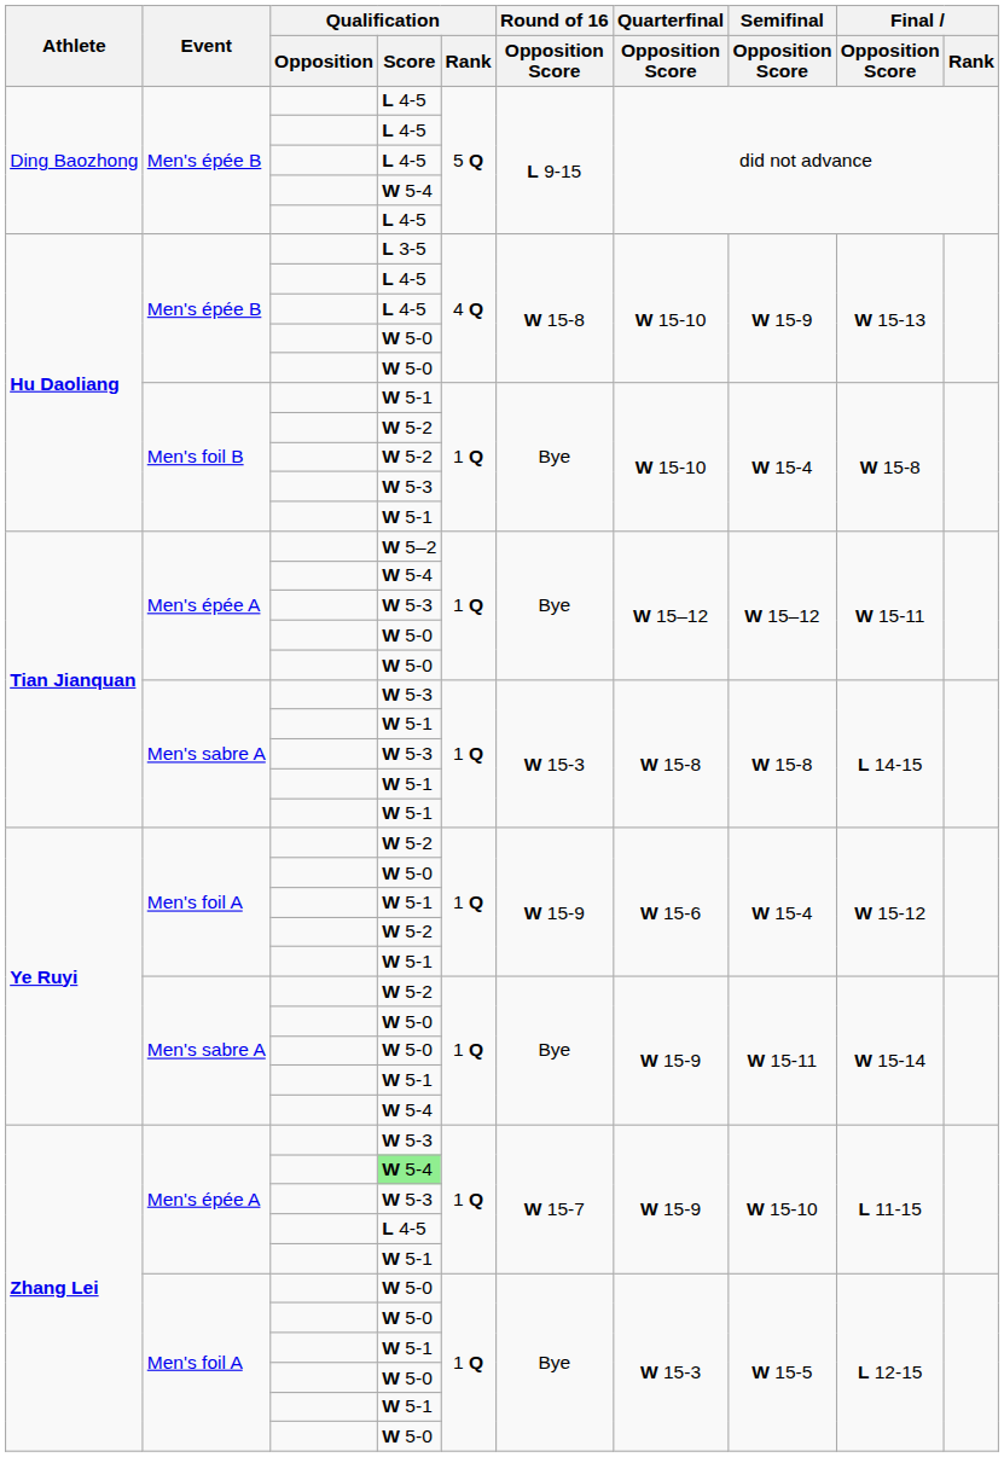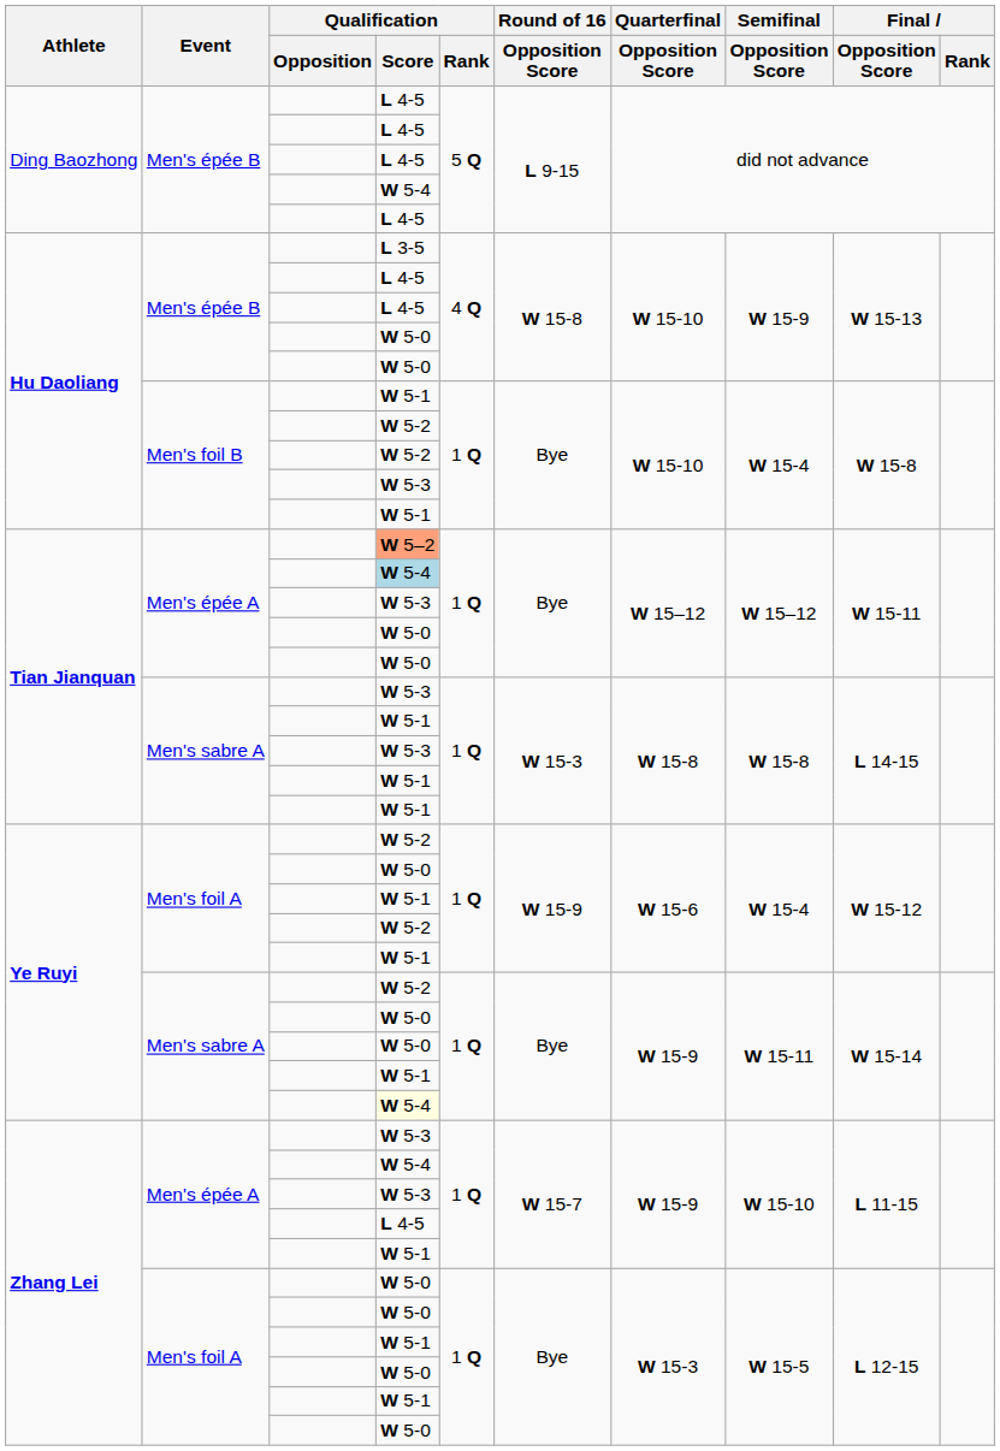 <table class=wikitable style="font-size:90%">
 <tr>
 <th rowspan="2">Athlete</th>
 <th rowspan="2">Event</th>
 <th colspan="3">Qualification</th>
 <th>Round of 16</th>
 <th>Quarterfinal</th>
 <th>Semifinal</th>
 <th colspan="2">Final / </th>
 </tr>
 <tr>
 <th>Opposition</th>
 <th>Score</th>
 <th>Rank</th>
 <th>Opposition<br>Score</th>
 <th>Opposition<br>Score</th>
 <th>Opposition<br>Score</th>
 <th>Opposition<br>Score</th>
 <th>Rank</th>
 </tr>
 <tr>
 <td rowspan=5><a href='#'>Ding Baozhong</a></td>
 <td rowspan=5><a href='#'>Men's épée B</a></td>
 <td></td>
 <td><strong>L</strong> 4-5</td>
 <td align="center" rowspan=5>5 <strong>Q</strong></td>
 <td align="center" rowspan=5><br><strong>L</strong> 9-15</td>
 <td align="center" rowspan=5 colspan=4>did not advance</td>
 </tr>
 <tr>
 <td></td>
 <td><strong>L</strong> 4-5</td>
 </tr>
 <tr>
 <td></td>
 <td><strong>L</strong> 4-5</td>
 </tr>
 <tr>
 <td></td>
 <td><strong>W</strong> 5-4</td>
 </tr>
 <tr>
 <td></td>
 <td><strong>L</strong> 4-5</td>
 </tr>
 <tr>
 <td rowspan=10><strong><a href='#'>Hu Daoliang</a></strong></td>
 <td rowspan=5><a href='#'>Men's épée B</a></td>
 <td></td>
 <td><strong>L</strong> 3-5</td>
 <td align="center" rowspan=5>4 <strong>Q</strong></td>
 <td align="center" rowspan=5><br><strong>W</strong> 15-8</td>
 <td align="center" rowspan=5><br><strong>W</strong> 15-10</td>
 <td align="center" rowspan=5><br><strong>W</strong> 15-9</td>
 <td align="center" rowspan=5><br><strong>W</strong> 15-13</td>
 <td align="center" rowspan=5></td>
 </tr>
 <tr>
 <td></td>
 <td><strong>L</strong> 4-5</td>
 </tr>
 <tr>
 <td></td>
 <td><strong>L</strong> 4-5</td>
 </tr>
 <tr>
 <td></td>
 <td><strong>W</strong> 5-0</td>
 </tr>
 <tr>
 <td></td>
 <td><strong>W</strong> 5-0</td>
 </tr>
 <tr>
 <td rowspan=5><a href='#'>Men's foil B</a></td>
 <td></td>
 <td><strong>W</strong> 5-1</td>
 <td align="center" rowspan=5>1 <strong>Q</strong></td>
 <td align="center" rowspan=5>Bye</td>
 <td align="center" rowspan=5><br><strong>W</strong> 15-10</td>
 <td align="center" rowspan=5><br><strong>W</strong> 15-4</td>
 <td align="center" rowspan=5><br><strong>W</strong> 15-8</td>
 <td align="center" rowspan=5></td>
 </tr>
 <tr>
 <td></td>
 <td><strong>W</strong> 5-2</td>
 </tr>
 <tr>
 <td></td>
 <td><strong>W</strong> 5-2</td>
 </tr>
 <tr>
 <td></td>
 <td><strong>W</strong> 5-3</td>
 </tr>
 <tr>
 <td></td>
 <td><strong>W</strong> 5-1</td>
 </tr>
 <tr>
 <td rowspan=10><strong><a href='#'>Tian Jianquan</a></strong></td>
 <td rowspan=5><a href='#'>Men's épée A</a></td>
 <td></td>
-<td><strong>W</strong> 5–2</td>
+<td style="background: lightsalmon;"><strong>W</strong> 5–2</td>
 <td align="center" rowspan=5>1 <strong>Q</strong></td>
 <td align="center" rowspan=5>Bye</td>
 <td align="center" rowspan=5><br><strong>W</strong> 15–12</td>
 <td align="center" rowspan=5><br><strong>W</strong> 15–12</td>
 <td align="center" rowspan=5><br><strong>W</strong> 15-11</td>
 <td align="center" rowspan=5></td>
 </tr>
 <tr>
 <td></td>
-<td><strong>W</strong> 5-4</td>
+<td style="background: lightblue;"><strong>W</strong> 5-4</td>
 </tr>
 <tr>
 <td></td>
 <td><strong>W</strong> 5-3</td>
 </tr>
 <tr>
 <td></td>
 <td><strong>W</strong> 5-0</td>
 </tr>
 <tr>
 <td></td>
 <td><strong>W</strong> 5-0</td>
 </tr>
 <tr>
 <td rowspan=5><a href='#'>Men's sabre A</a></td>
 <td></td>
 <td><strong>W</strong> 5-3</td>
 <td align="center" rowspan=5>1 <strong>Q</strong></td>
 <td align="center" rowspan=5><br><strong>W</strong> 15-3</td>
 <td align="center" rowspan=5><br><strong>W</strong> 15-8</td>
 <td align="center" rowspan=5><br><strong>W</strong> 15-8</td>
 <td align="center" rowspan=5><br><strong>L</strong> 14-15</td>
 <td align="center" rowspan=5></td>
 </tr>
 <tr>
 <td></td>
 <td><strong>W</strong> 5-1</td>
 </tr>
 <tr>
 <td></td>
 <td><strong>W</strong> 5-3</td>
 </tr>
 <tr>
 <td></td>
 <td><strong>W</strong> 5-1</td>
 </tr>
 <tr>
 <td></td>
 <td><strong>W</strong> 5-1</td>
 </tr>
 <tr>
 <td rowspan=10><strong><a href='#'>Ye Ruyi</a></strong></td>
 <td rowspan=5><a href='#'>Men's foil A</a></td>
 <td></td>
 <td><strong>W</strong> 5-2</td>
 <td align="center" rowspan=5>1 <strong>Q</strong></td>
 <td align="center" rowspan=5><br><strong>W</strong> 15-9</td>
 <td align="center" rowspan=5><br><strong>W</strong> 15-6</td>
 <td align="center" rowspan=5><br><strong>W</strong> 15-4</td>
 <td align="center" rowspan=5><br><strong>W</strong> 15-12</td>
 <td align="center" rowspan=5></td>
 </tr>
 <tr>
 <td></td>
 <td><strong>W</strong> 5-0</td>
 </tr>
 <tr>
 <td></td>
 <td><strong>W</strong> 5-1</td>
 </tr>
 <tr>
 <td></td>
 <td><strong>W</strong> 5-2</td>
 </tr>
 <tr>
 <td></td>
 <td><strong>W</strong> 5-1</td>
 </tr>
 <tr>
 <td rowspan=5><a href='#'>Men's sabre A</a></td>
 <td></td>
 <td><strong>W</strong> 5-2</td>
 <td align="center" rowspan=5>1 <strong>Q</strong></td>
 <td align="center" rowspan=5>Bye</td>
 <td align="center" rowspan=5><br><strong>W</strong> 15-9</td>
 <td align="center" rowspan=5><br><strong>W</strong> 15-11</td>
 <td align="center" rowspan=5><br><strong>W</strong> 15-14</td>
 <td align="center" rowspan=5></td>
 </tr>
 <tr>
 <td></td>
 <td><strong>W</strong> 5-0</td>
 </tr>
 <tr>
 <td></td>
 <td><strong>W</strong> 5-0</td>
 </tr>
 <tr>
 <td></td>
 <td><strong>W</strong> 5-1</td>
 </tr>
 <tr>
 <td></td>
-<td><strong>W</strong> 5-4</td>
+<td style="background: lightyellow;"><strong>W</strong> 5-4</td>
 </tr>
 <tr>
 <td rowspan=11><strong><a href='#'>Zhang Lei</a></strong></td>
 <td rowspan=5><a href='#'>Men's épée A</a></td>
 <td></td>
 <td><strong>W</strong> 5-3</td>
 <td align="center" rowspan=5>1 <strong>Q</strong></td>
 <td align="center" rowspan=5><br><strong>W</strong> 15-7</td>
 <td align="center" rowspan=5><br><strong>W</strong> 15-9</td>
 <td align="center" rowspan=5><br><strong>W</strong> 15-10</td>
 <td align="center" rowspan=5><br><strong>L</strong> 11-15</td>
 <td align="center" rowspan=5></td>
 </tr>
 <tr>
 <td></td>
-<td style="background: lightgreen;"><strong>W</strong> 5-4</td>
+<td><strong>W</strong> 5-4</td>
 </tr>
 <tr>
 <td></td>
 <td><strong>W</strong> 5-3</td>
 </tr>
 <tr>
 <td></td>
 <td><strong>L</strong> 4-5</td>
 </tr>
 <tr>
 <td></td>
 <td><strong>W</strong> 5-1</td>
 </tr>
 <tr>
 <td rowspan=6><a href='#'>Men's foil A</a></td>
 <td></td>
 <td><strong>W</strong> 5-0</td>
 <td align="center" rowspan=6>1 <strong>Q</strong></td>
 <td align="center" rowspan=6>Bye</td>
 <td align="center" rowspan=6><br><strong>W</strong> 15-3</td>
 <td align="center" rowspan=6><br><strong>W</strong> 15-5</td>
 <td align="center" rowspan=6><br><strong>L</strong> 12-15</td>
 <td align="center" rowspan=6></td>
 </tr>
 <tr>
 <td></td>
 <td><strong>W</strong> 5-0</td>
 </tr>
 <tr>
 <td></td>
 <td><strong>W</strong> 5-1</td>
 </tr>
 <tr>
 <td></td>
 <td><strong>W</strong> 5-0</td>
 </tr>
 <tr>
 <td></td>
 <td><strong>W</strong> 5-1</td>
 </tr>
 <tr>
 <td></td>
 <td><strong>W</strong> 5-0</td>
 </tr>
 </table>
